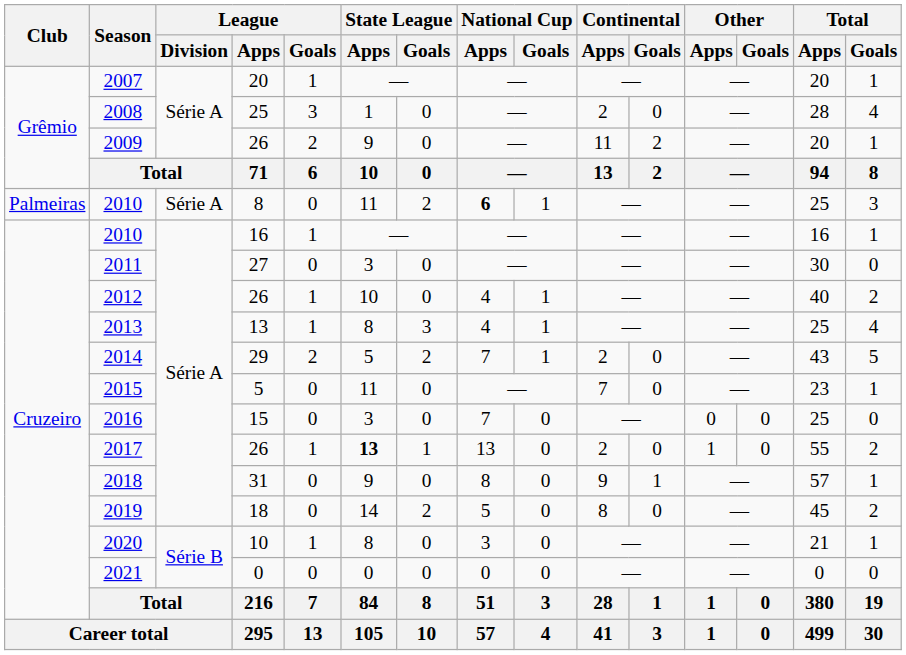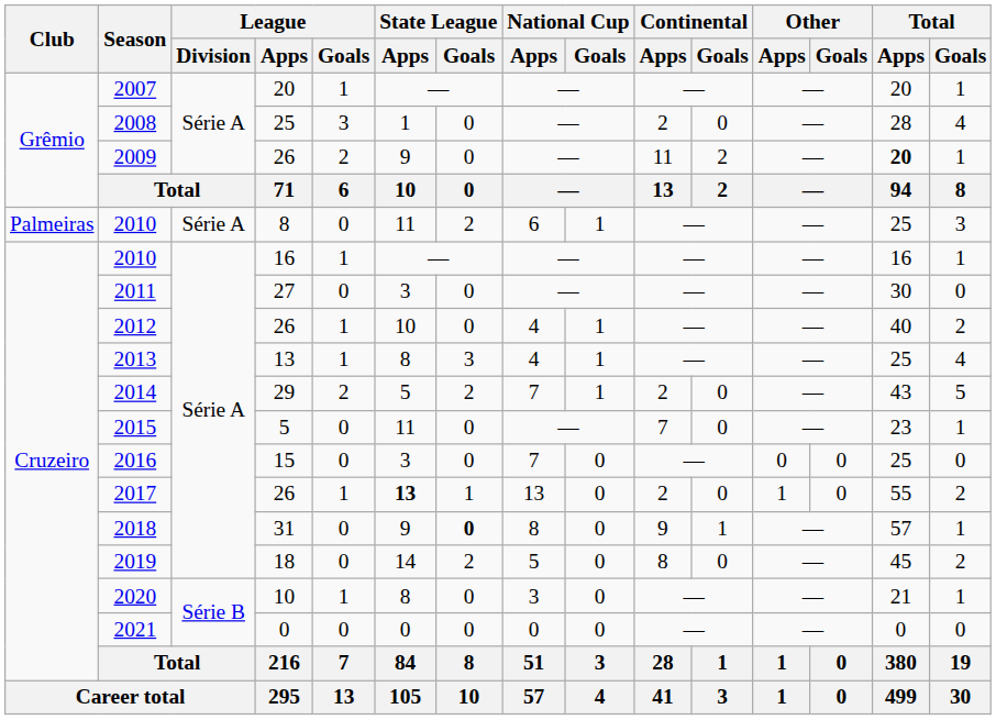 <table class="wikitable" style="text-align: center;">
 <tr>
 <th rowspan="2">Club</th>
 <th rowspan="2">Season</th>
 <th colspan="3">League</th>
 <th colspan="2">State League</th>
 <th colspan="2">National Cup</th>
 <th colspan="2">Continental</th>
 <th colspan="2">Other</th>
 <th colspan="2">Total</th>
 </tr>
 <tr>
 <th>Division</th>
 <th>Apps</th>
 <th>Goals</th>
 <th>Apps</th>
 <th>Goals</th>
 <th>Apps</th>
 <th>Goals</th>
 <th>Apps</th>
 <th>Goals</th>
 <th>Apps</th>
 <th>Goals</th>
 <th>Apps</th>
 <th>Goals</th>
 </tr>
 <tr>
 <td rowspan="4"><a href='#'>Grêmio</a></td>
 <td><a href='#'>2007</a></td>
 <td rowspan="3">Série A</td>
 <td>20</td>
 <td>1</td>
 <td colspan="2">—</td>
 <td colspan="2">—</td>
 <td colspan="2">—</td>
 <td colspan="2">—</td>
 <td>20</td>
 <td>1</td>
 </tr>
 <tr>
 <td><a href='#'>2008</a></td>
 <td>25</td>
 <td>3</td>
 <td>1</td>
 <td>0</td>
 <td colspan="2">—</td>
 <td>2</td>
 <td>0</td>
 <td colspan="2">—</td>
 <td>28</td>
 <td>4</td>
 </tr>
 <tr>
 <td><a href='#'>2009</a></td>
 <td>26</td>
 <td>2</td>
 <td>9</td>
 <td>0</td>
 <td colspan="2">—</td>
 <td>11</td>
 <td>2</td>
 <td colspan="2">—</td>
-<td>20</td>
+<td><strong>20</strong></td>
 <td>1</td>
 </tr>
 <tr>
 <th colspan="2">Total</th>
 <th>71</th>
 <th>6</th>
 <th>10</th>
 <th>0</th>
 <th colspan="2">—</th>
 <th>13</th>
 <th>2</th>
 <th colspan="2">—</th>
 <th>94</th>
 <th>8</th>
 </tr>
 <tr>
 <td><a href='#'>Palmeiras</a></td>
 <td><a href='#'>2010</a></td>
 <td>Série A</td>
 <td>8</td>
 <td>0</td>
 <td>11</td>
 <td>2</td>
-<td><strong>6</strong></td>
+<td>6</td>
 <td>1</td>
 <td colspan="2">—</td>
 <td colspan="2">—</td>
 <td>25</td>
 <td>3</td>
 </tr>
 <tr>
 <td rowspan="13"><a href='#'>Cruzeiro</a></td>
 <td><a href='#'>2010</a></td>
 <td rowspan="10">Série A</td>
 <td>16</td>
 <td>1</td>
 <td colspan="2">—</td>
 <td colspan="2">—</td>
 <td colspan="2">—</td>
 <td colspan="2">—</td>
 <td>16</td>
 <td>1</td>
 </tr>
 <tr>
 <td><a href='#'>2011</a></td>
 <td>27</td>
 <td>0</td>
 <td>3</td>
 <td>0</td>
 <td colspan="2">—</td>
 <td colspan="2">—</td>
 <td colspan="2">—</td>
 <td>30</td>
 <td>0</td>
 </tr>
 <tr>
 <td><a href='#'>2012</a></td>
 <td>26</td>
 <td>1</td>
 <td>10</td>
 <td>0</td>
 <td>4</td>
 <td>1</td>
 <td colspan="2">—</td>
 <td colspan="2">—</td>
 <td>40</td>
 <td>2</td>
 </tr>
 <tr>
 <td><a href='#'>2013</a></td>
 <td>13</td>
 <td>1</td>
 <td>8</td>
 <td>3</td>
 <td>4</td>
 <td>1</td>
 <td colspan="2">—</td>
 <td colspan="2">—</td>
 <td>25</td>
 <td>4</td>
 </tr>
 <tr>
 <td><a href='#'>2014</a></td>
 <td>29</td>
 <td>2</td>
 <td>5</td>
 <td>2</td>
 <td>7</td>
 <td>1</td>
 <td>2</td>
 <td>0</td>
 <td colspan="2">—</td>
 <td>43</td>
 <td>5</td>
 </tr>
 <tr>
 <td><a href='#'>2015</a></td>
 <td>5</td>
 <td>0</td>
 <td>11</td>
 <td>0</td>
 <td colspan="2">—</td>
 <td>7</td>
 <td>0</td>
 <td colspan="2">—</td>
 <td>23</td>
 <td>1</td>
 </tr>
 <tr>
 <td><a href='#'>2016</a></td>
 <td>15</td>
 <td>0</td>
 <td>3</td>
 <td>0</td>
 <td>7</td>
 <td>0</td>
 <td colspan="2">—</td>
 <td>0</td>
 <td>0</td>
 <td>25</td>
 <td>0</td>
 </tr>
 <tr>
 <td><a href='#'>2017</a></td>
 <td>26</td>
 <td>1</td>
 <td><strong>13</strong></td>
 <td>1</td>
 <td>13</td>
 <td>0</td>
 <td>2</td>
 <td>0</td>
 <td>1</td>
 <td>0</td>
 <td>55</td>
 <td>2</td>
 </tr>
 <tr>
 <td><a href='#'>2018</a></td>
 <td>31</td>
 <td>0</td>
 <td>9</td>
-<td>0</td>
+<td><strong>0</strong></td>
 <td>8</td>
 <td>0</td>
 <td>9</td>
 <td>1</td>
 <td colspan="2">—</td>
 <td>57</td>
 <td>1</td>
 </tr>
 <tr>
 <td><a href='#'>2019</a></td>
 <td>18</td>
 <td>0</td>
 <td>14</td>
 <td>2</td>
 <td>5</td>
 <td>0</td>
 <td>8</td>
 <td>0</td>
 <td colspan="2">—</td>
 <td>45</td>
 <td>2</td>
 </tr>
 <tr>
 <td><a href='#'>2020</a></td>
 <td rowspan="2"><a href='#'>Série B</a></td>
 <td>10</td>
 <td>1</td>
 <td>8</td>
 <td>0</td>
 <td>3</td>
 <td>0</td>
 <td colspan="2">—</td>
 <td colspan="2">—</td>
 <td>21</td>
 <td>1</td>
 </tr>
 <tr>
 <td><a href='#'>2021</a></td>
 <td>0</td>
 <td>0</td>
 <td>0</td>
 <td>0</td>
 <td>0</td>
 <td>0</td>
 <td colspan="2">—</td>
 <td colspan="2">—</td>
 <td>0</td>
 <td>0</td>
 </tr>
 <tr>
 <th colspan="2">Total</th>
 <th>216</th>
 <th>7</th>
 <th>84</th>
 <th>8</th>
 <th>51</th>
 <th>3</th>
 <th>28</th>
 <th>1</th>
 <th>1</th>
 <th>0</th>
 <th>380</th>
 <th>19</th>
 </tr>
 <tr>
 <th colspan="3">Career total</th>
 <th>295</th>
 <th>13</th>
 <th>105</th>
 <th>10</th>
 <th>57</th>
 <th>4</th>
 <th>41</th>
 <th>3</th>
 <th>1</th>
 <th>0</th>
 <th>499</th>
 <th>30</th>
 </tr>
 </table>
